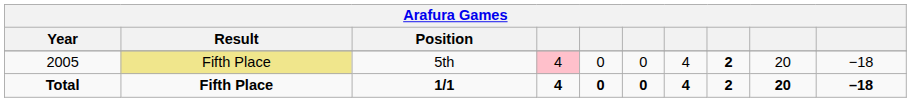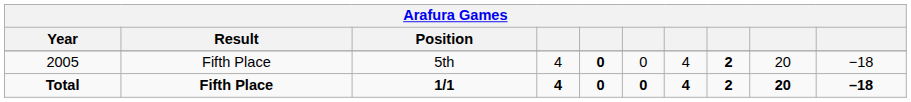 <table class="wikitable" style="text-align: center; width:50%;">
 <tr>
 <th colspan=10><a href='#'>Arafura Games</a></th>
 </tr>
 <tr>
 <th>Year</th>
 <th>Result</th>
 <th>Position</th>
 <th></th>
 <th></th>
 <th></th>
 <th></th>
 <th></th>
 <th></th>
 <th></th>
 </tr>
 <tr>
 </tr>
 <tr>
 </tr>
 <tr>
 </tr>
 <tr>
 <td> 2005</td>
-<td style="background: khaki;">Fifth Place</td>
+<td>Fifth Place</td>
 <td>5th</td>
-<td style="background: pink;">4</td>
-<td>0</td>
+<td>4</td>
+<td><strong>0</strong></td>
 <td>0</td>
 <td>4</td>
 <td><strong>2</strong></td>
 <td>20</td>
 <td>−18</td>
 </tr>
 <tr>
 <td><strong>Total</strong></td>
 <td><strong>Fifth Place</strong></td>
 <td><strong>1/1</strong></td>
 <td><strong>4</strong></td>
 <td><strong>0</strong></td>
 <td><strong>0</strong></td>
 <td><strong>4</strong></td>
 <td><strong>2</strong></td>
 <td><strong>20</strong></td>
 <td><strong>–18</strong></td>
 </tr>
 </table>
